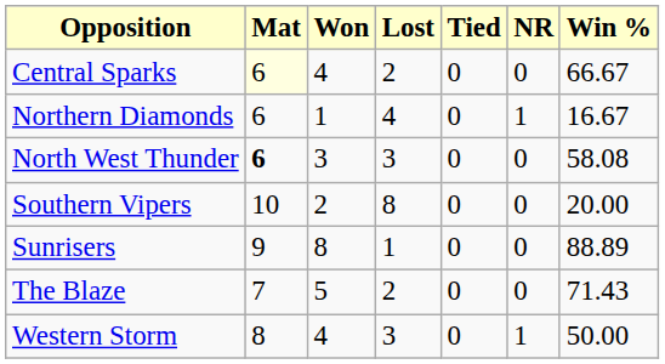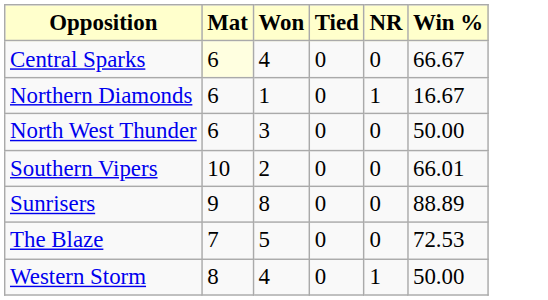 <table class="wikitable sortable">
 <tr>
 <th style="background:#ffc;">Opposition</th>
 <th style="background:#ffc;">Mat</th>
 <th style="background:#ffc;">Won</th>
-<th style="background:#ffc;">Lost</th>
 <th style="background:#ffc;">Tied</th>
 <th style="background:#ffc;">NR</th>
 <th style="background:#ffc;">Win %</th>
 </tr>
 <tr>
 <td><a href='#'>Central Sparks</a></td>
 <td style="background: lightyellow;">6</td>
 <td>4</td>
-<td>2</td>
 <td>0</td>
 <td>0</td>
 <td>66.67</td>
 </tr>
 <tr>
 <td><a href='#'>Northern Diamonds</a></td>
 <td>6</td>
 <td>1</td>
-<td>4</td>
 <td>0</td>
 <td>1</td>
 <td>16.67</td>
 </tr>
 <tr>
 <td><a href='#'>North West Thunder</a></td>
-<td><strong>6</strong></td>
-<td>3</td>
+<td>6</td>
 <td>3</td>
 <td>0</td>
 <td>0</td>
-<td>58.08</td>
+<td>50.00</td>
 </tr>
 <tr>
 <td><a href='#'>Southern Vipers</a></td>
 <td>10</td>
 <td>2</td>
-<td>8</td>
 <td>0</td>
 <td>0</td>
-<td>20.00</td>
+<td>66.01</td>
 </tr>
 <tr>
 <td><a href='#'>Sunrisers</a></td>
 <td>9</td>
 <td>8</td>
-<td>1</td>
 <td>0</td>
 <td>0</td>
 <td>88.89</td>
 </tr>
 <tr>
 <td><a href='#'>The Blaze</a></td>
 <td>7</td>
 <td>5</td>
-<td>2</td>
 <td>0</td>
 <td>0</td>
-<td>71.43</td>
+<td>72.53</td>
 </tr>
 <tr>
 <td><a href='#'>Western Storm</a></td>
 <td>8</td>
 <td>4</td>
-<td>3</td>
 <td>0</td>
 <td>1</td>
 <td>50.00</td>
 </tr>
 </table>
